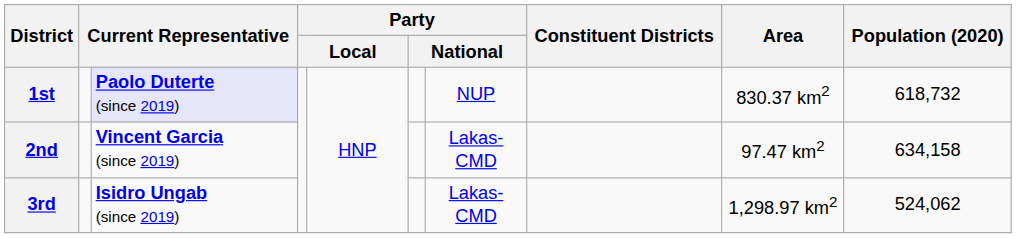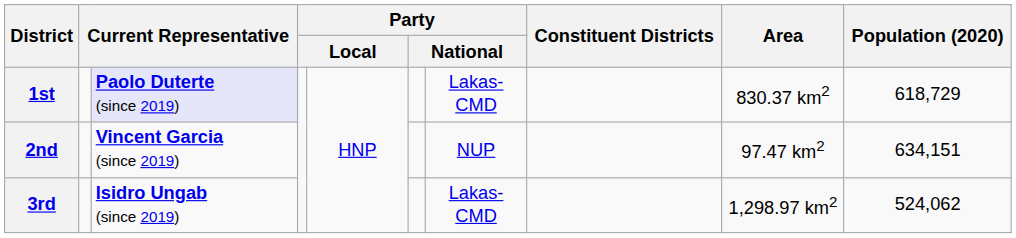 <table class="wikitable sortable" style="margin: 1em auto; font-size:100%; line-height:20px; text-align:center">
 <tr>
 <th rowspan="2">District</th>
 <th colspan="2" rowspan="2">Current Representative</th>
 <th colspan="4">Party</th>
 <th rowspan="2">Constituent Districts</th>
 <th rowspan="2">Area</th>
 <th rowspan="2">Population (2020)</th>
 </tr>
 <tr>
 <th colspan="2">Local</th>
 <th colspan="2">National</th>
 </tr>
 <tr>
 <th><a href='#'>1st</a></th>
 <td></td>
 <td style="background: lavender; text-align:left;"><strong><a href='#'>Paolo Duterte</a></strong><br><small>(since <a href='#'>2019</a>)</small></td>
 <td rowspan="6" style="background:"></td>
 <td rowspan="6" width="10%"><a href='#'>HNP</a></td>
 <td style="background:"></td>
-<td width="10%"><a href='#'>NUP</a></td>
+<td width="10%"><a href='#'>Lakas-CMD</a></td>
 <td></td>
 <td>830.37 km<sup>2</sup></td>
-<td>618,732</td>
+<td>618,729</td>
 </tr>
 <tr>
 <th><a href='#'>2nd</a></th>
 <td></td>
 <td style="text-align:left;"><strong><a href='#'>Vincent Garcia</a></strong><br><small>(since <a href='#'>2019</a>)</small></td>
 <td style="background:"></td>
-<td width="10%"><a href='#'>Lakas-CMD</a></td>
+<td width="10%"><a href='#'>NUP</a></td>
 <td></td>
 <td>97.47 km<sup>2</sup></td>
-<td>634,158</td>
+<td>634,151</td>
 </tr>
 <tr>
 <th><a href='#'>3rd</a></th>
 <td></td>
 <td style="text-align:left;"><strong><a href='#'>Isidro Ungab</a></strong><br><small>(since <a href='#'>2019</a>)</small></td>
 <td style="background:"></td>
 <td width="10%"><a href='#'>Lakas-CMD</a></td>
 <td></td>
 <td>1,298.97 km<sup>2</sup></td>
 <td>524,062</td>
 </tr>
 </table>
